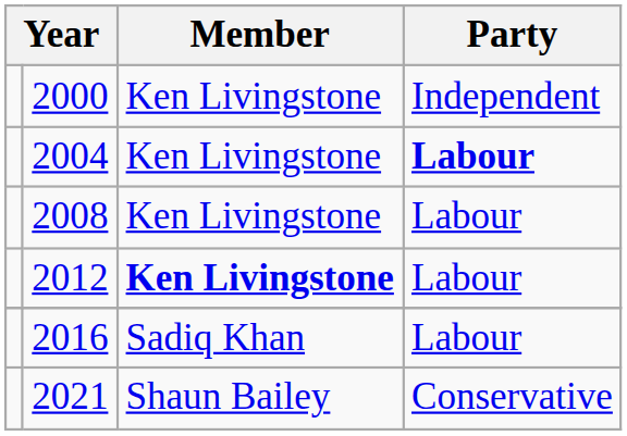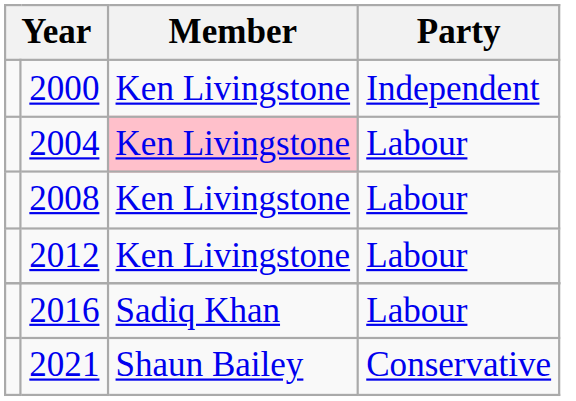 <table class="wikitable">
 <tr>
 <th colspan="2">Year</th>
 <th>Member</th>
 <th>Party</th>
 </tr>
 <tr>
 <td style="background-color: "></td>
 <td><a href='#'>2000</a></td>
 <td><a href='#'>Ken Livingstone</a></td>
 <td><a href='#'>Independent</a></td>
 </tr>
 <tr>
 <td style="background-color: "></td>
 <td><a href='#'>2004</a></td>
-<td><a href='#'>Ken Livingstone</a></td>
-<td><strong><a href='#'>Labour</a></strong></td>
+<td style="background: pink;"><a href='#'>Ken Livingstone</a></td>
+<td><a href='#'>Labour</a></td>
 </tr>
 <tr>
 <td style="background-color: "></td>
 <td><a href='#'>2008</a></td>
 <td><a href='#'>Ken Livingstone</a></td>
 <td><a href='#'>Labour</a></td>
 </tr>
 <tr>
 <td style="background-color: "></td>
 <td><a href='#'>2012</a></td>
-<td><strong><a href='#'>Ken Livingstone</a></strong></td>
+<td><a href='#'>Ken Livingstone</a></td>
 <td><a href='#'>Labour</a></td>
 </tr>
 <tr>
 </tr>
 <tr>
 <td style="background-color: "></td>
 <td><a href='#'>2016</a></td>
 <td><a href='#'>Sadiq Khan</a></td>
 <td><a href='#'>Labour</a></td>
 </tr>
 <tr>
 <td style="background-color: "></td>
 <td><a href='#'>2021</a></td>
 <td><a href='#'>Shaun Bailey</a></td>
 <td><a href='#'>Conservative</a></td>
 </tr>
 </table>
